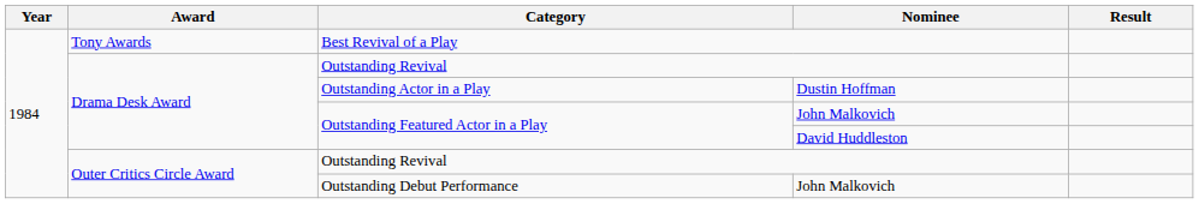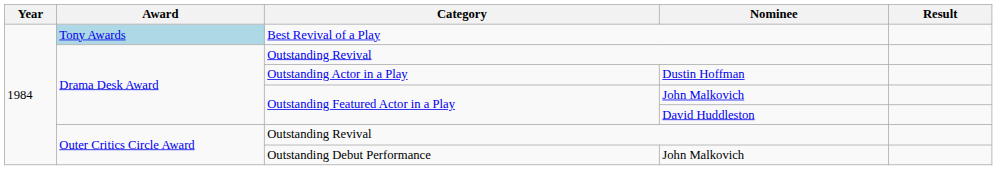 <table class="wikitable sortable" style="width: 99%;">
 <tr>
 <th scope="col" style="width:5%;">Year</th>
 <th scope="col" style="width:20%;">Award</th>
 <th scope="col" style="width:38%;">Category</th>
 <th scope="col" style="width:22%;">Nominee</th>
 <th scope="col" style="width:10%;">Result</th>
 </tr>
 <tr>
 <td rowspan="7">1984</td>
-<td><a href='#'>Tony Awards</a></td>
+<td style="background: lightblue;"><a href='#'>Tony Awards</a></td>
 <td colspan="2"><a href='#'>Best Revival of a Play</a></td>
 <td></td>
 </tr>
 <tr>
 <td rowspan="4"><a href='#'>Drama Desk Award</a></td>
 <td colspan="2"><a href='#'>Outstanding Revival</a></td>
 <td></td>
 </tr>
 <tr>
 <td><a href='#'>Outstanding Actor in a Play</a></td>
 <td><a href='#'>Dustin Hoffman</a></td>
 <td></td>
 </tr>
 <tr>
 <td rowspan="2"><a href='#'>Outstanding Featured Actor in a Play</a></td>
 <td><a href='#'>John Malkovich</a></td>
 <td></td>
 </tr>
 <tr>
 <td><a href='#'>David Huddleston</a></td>
 <td></td>
 </tr>
 <tr>
 <td rowspan="2"><a href='#'>Outer Critics Circle Award</a></td>
 <td colspan="2">Outstanding Revival</td>
 <td></td>
 </tr>
 <tr>
 <td>Outstanding Debut Performance</td>
 <td>John Malkovich</td>
 <td></td>
 </tr>
 </table>
